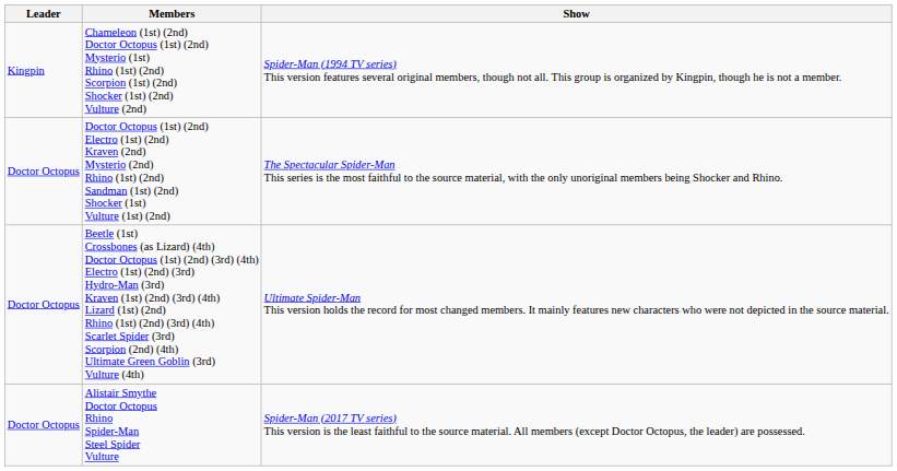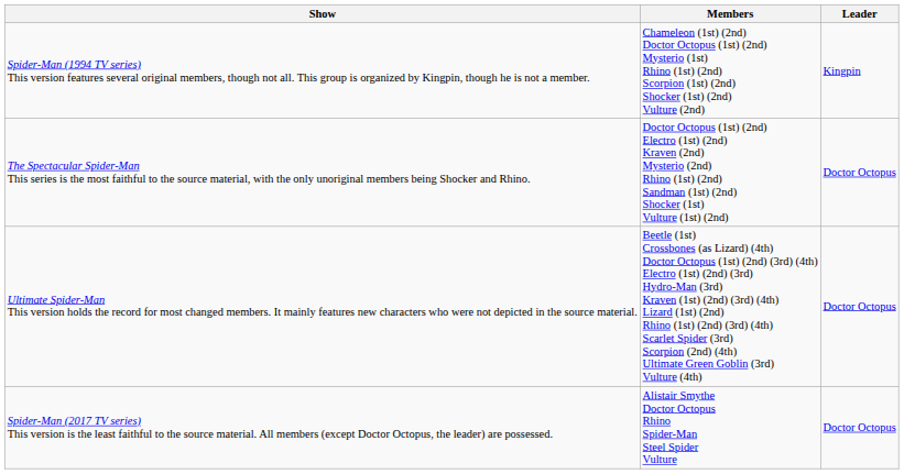 <table class="wikitable">
 <tr>
+<th>Show</th>
+<th>Members</th>
 <th>Leader</th>
-<th>Members</th>
-<th>Show</th>
 </tr>
 <tr>
+<td><em><a href='#'>Spider-Man (1994 TV series)</a></em><br>This version features several original members, though not all. This group is organized by Kingpin, though he is not a member.</td>
+<td><a href='#'>Chameleon</a> (1st) (2nd)<br><a href='#'>Doctor Octopus</a> (1st) (2nd)<br><a href='#'>Mysterio</a> (1st)<br><a href='#'>Rhino</a> (1st) (2nd)<br><a href='#'>Scorpion</a> (1st) (2nd)<br><a href='#'>Shocker</a> (1st) (2nd)<br><a href='#'>Vulture</a> (2nd)</td>
 <td><a href='#'>Kingpin</a></td>
-<td><a href='#'>Chameleon</a> (1st) (2nd)<br><a href='#'>Doctor Octopus</a> (1st) (2nd)<br><a href='#'>Mysterio</a> (1st)<br><a href='#'>Rhino</a> (1st) (2nd)<br><a href='#'>Scorpion</a> (1st) (2nd)<br><a href='#'>Shocker</a> (1st) (2nd)<br><a href='#'>Vulture</a> (2nd)</td>
-<td><em><a href='#'>Spider-Man (1994 TV series)</a></em><br>This version features several original members, though not all. This group is organized by Kingpin, though he is not a member.</td>
 </tr>
 <tr>
+<td><em><a href='#'>The Spectacular Spider-Man</a></em><br>This series is the most faithful to the source material, with the only unoriginal members being Shocker and Rhino.</td>
+<td><a href='#'>Doctor Octopus</a> (1st) (2nd) <br><a href='#'>Electro</a> (1st) (2nd)<br><a href='#'>Kraven</a> (2nd)<br><a href='#'>Mysterio</a> (2nd)<br><a href='#'>Rhino</a> (1st) (2nd)<br><a href='#'>Sandman</a> (1st) (2nd)<br><a href='#'>Shocker</a> (1st)<br><a href='#'>Vulture</a> (1st) (2nd)</td>
 <td><a href='#'>Doctor Octopus</a></td>
-<td><a href='#'>Doctor Octopus</a> (1st) (2nd) <br><a href='#'>Electro</a> (1st) (2nd)<br><a href='#'>Kraven</a> (2nd)<br><a href='#'>Mysterio</a> (2nd)<br><a href='#'>Rhino</a> (1st) (2nd)<br><a href='#'>Sandman</a> (1st) (2nd)<br><a href='#'>Shocker</a> (1st)<br><a href='#'>Vulture</a> (1st) (2nd)</td>
-<td><em><a href='#'>The Spectacular Spider-Man</a></em><br>This series is the most faithful to the source material, with the only unoriginal members being Shocker and Rhino.</td>
 </tr>
 <tr>
+<td><em><a href='#'>Ultimate Spider-Man</a></em><br>This version holds the record for most changed members. It mainly features new characters who were not depicted in the source material.</td>
+<td><a href='#'>Beetle</a> (1st)<br><a href='#'>Crossbones</a> (as Lizard) (4th)<br><a href='#'>Doctor Octopus</a> (1st) (2nd) (3rd) (4th)<br><a href='#'>Electro</a> (1st) (2nd) (3rd)<br><a href='#'>Hydro-Man</a> (3rd)<br><a href='#'>Kraven</a> (1st) (2nd) (3rd) (4th)<br><a href='#'>Lizard</a> (1st) (2nd)<br><a href='#'>Rhino</a> (1st) (2nd) (3rd) (4th)<br><a href='#'>Scarlet Spider</a> (3rd)<br><a href='#'>Scorpion</a> (2nd) (4th)<br><a href='#'>Ultimate Green Goblin</a> (3rd)<br><a href='#'>Vulture</a> (4th)<br></td>
 <td><a href='#'>Doctor Octopus</a></td>
-<td><a href='#'>Beetle</a> (1st)<br><a href='#'>Crossbones</a> (as Lizard) (4th)<br><a href='#'>Doctor Octopus</a> (1st) (2nd) (3rd) (4th)<br><a href='#'>Electro</a> (1st) (2nd) (3rd)<br><a href='#'>Hydro-Man</a> (3rd)<br><a href='#'>Kraven</a> (1st) (2nd) (3rd) (4th)<br><a href='#'>Lizard</a> (1st) (2nd)<br><a href='#'>Rhino</a> (1st) (2nd) (3rd) (4th)<br><a href='#'>Scarlet Spider</a> (3rd)<br><a href='#'>Scorpion</a> (2nd) (4th)<br><a href='#'>Ultimate Green Goblin</a> (3rd)<br><a href='#'>Vulture</a> (4th)<br></td>
-<td><em><a href='#'>Ultimate Spider-Man</a></em><br>This version holds the record for most changed members. It mainly features new characters who were not depicted in the source material.</td>
 </tr>
 <tr>
+<td><em><a href='#'>Spider-Man (2017 TV series)</a></em><br>This version is the least faithful to the source material. All members (except Doctor Octopus, the leader) are possessed.</td>
+<td><a href='#'>Alistair Smythe</a><br><a href='#'>Doctor Octopus</a><br><a href='#'>Rhino</a><br><a href='#'>Spider-Man</a><br><a href='#'>Steel Spider</a><br><a href='#'>Vulture</a></td>
 <td><a href='#'>Doctor Octopus</a></td>
-<td><a href='#'>Alistair Smythe</a><br><a href='#'>Doctor Octopus</a><br><a href='#'>Rhino</a><br><a href='#'>Spider-Man</a><br><a href='#'>Steel Spider</a><br><a href='#'>Vulture</a></td>
-<td><em><a href='#'>Spider-Man (2017 TV series)</a></em><br>This version is the least faithful to the source material. All members (except Doctor Octopus, the leader) are possessed.</td>
 </tr>
 </table>
